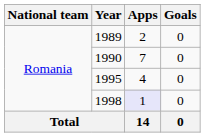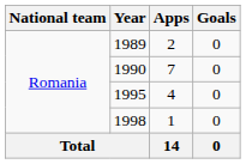 <table class="wikitable" style="text-align:center">
 <tr>
 <th>National team</th>
 <th>Year</th>
 <th>Apps</th>
 <th>Goals</th>
 </tr>
 <tr>
 <td rowspan="4"><a href='#'>Romania</a></td>
 <td>1989</td>
 <td>2</td>
 <td>0</td>
 </tr>
 <tr>
 <td>1990</td>
 <td>7</td>
 <td>0</td>
 </tr>
 <tr>
 <td>1995</td>
 <td>4</td>
 <td>0</td>
 </tr>
 <tr>
 <td>1998</td>
-<td style="background: lavender;">1</td>
+<td>1</td>
 <td>0</td>
 </tr>
 <tr>
 <th colspan="2">Total</th>
 <th>14</th>
 <th>0</th>
 </tr>
 </table>
